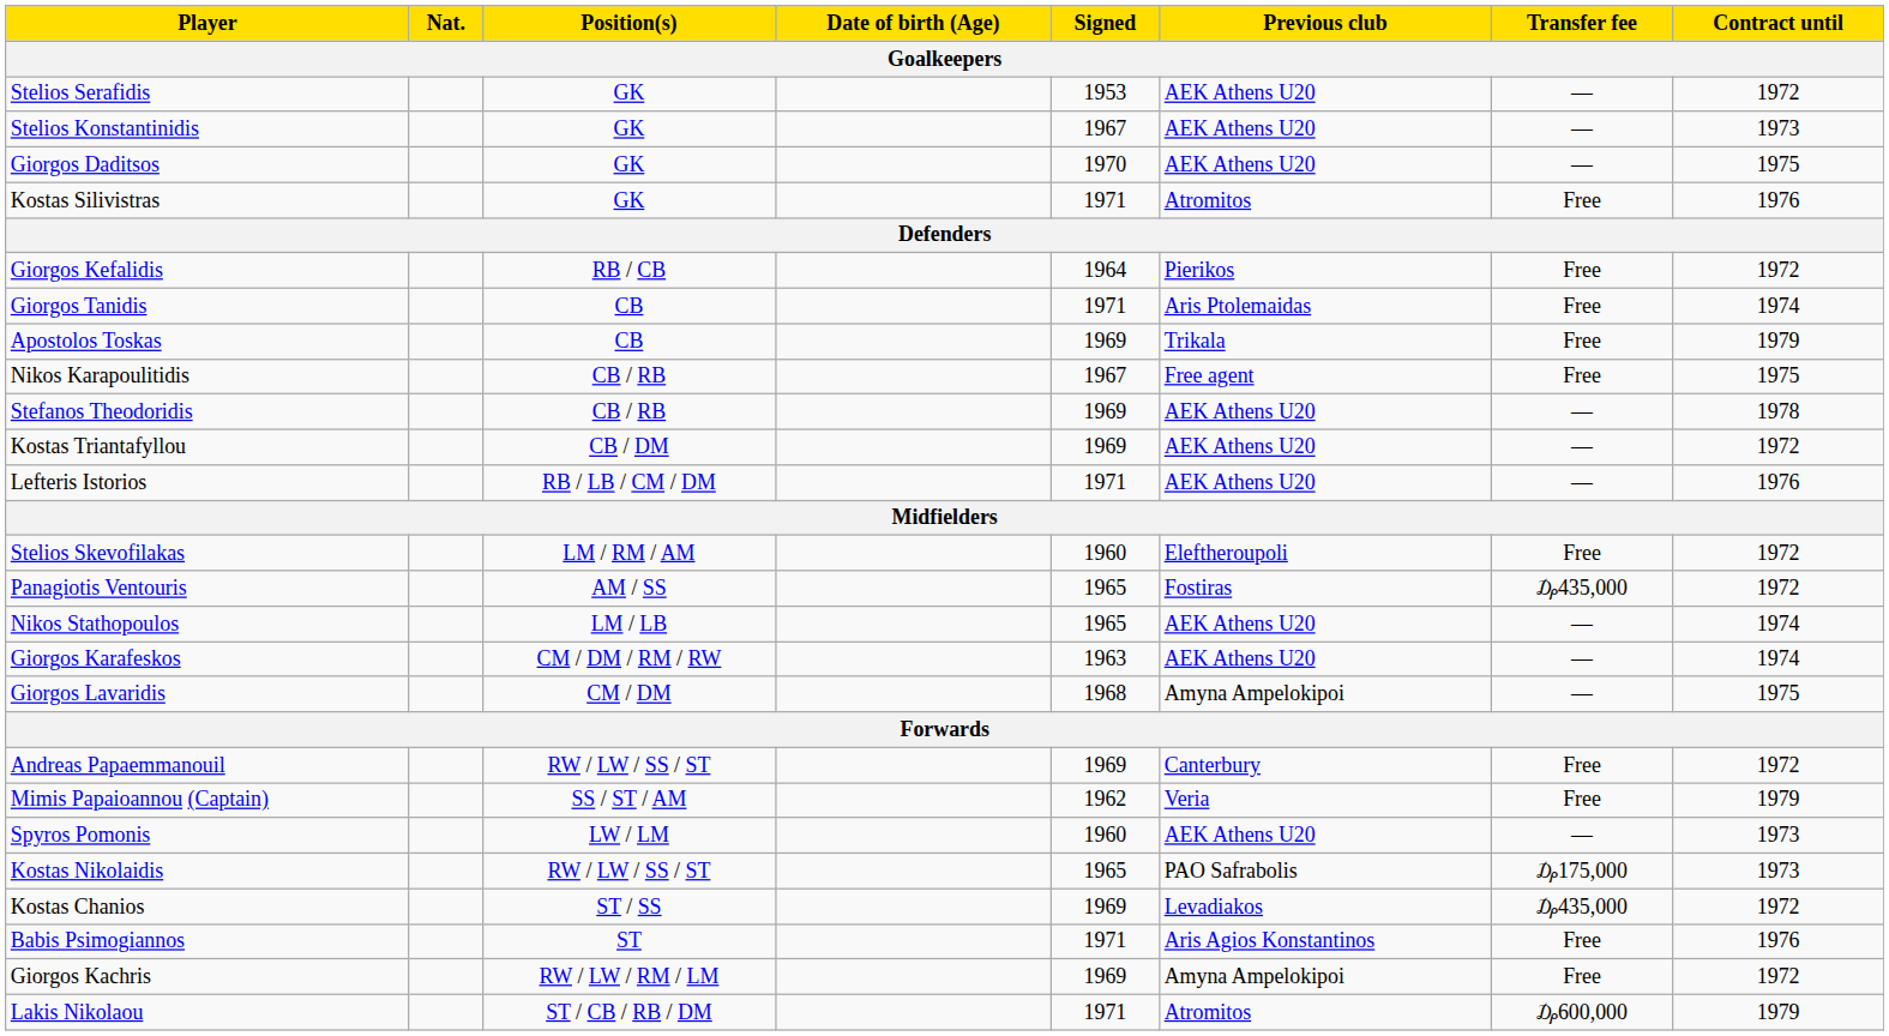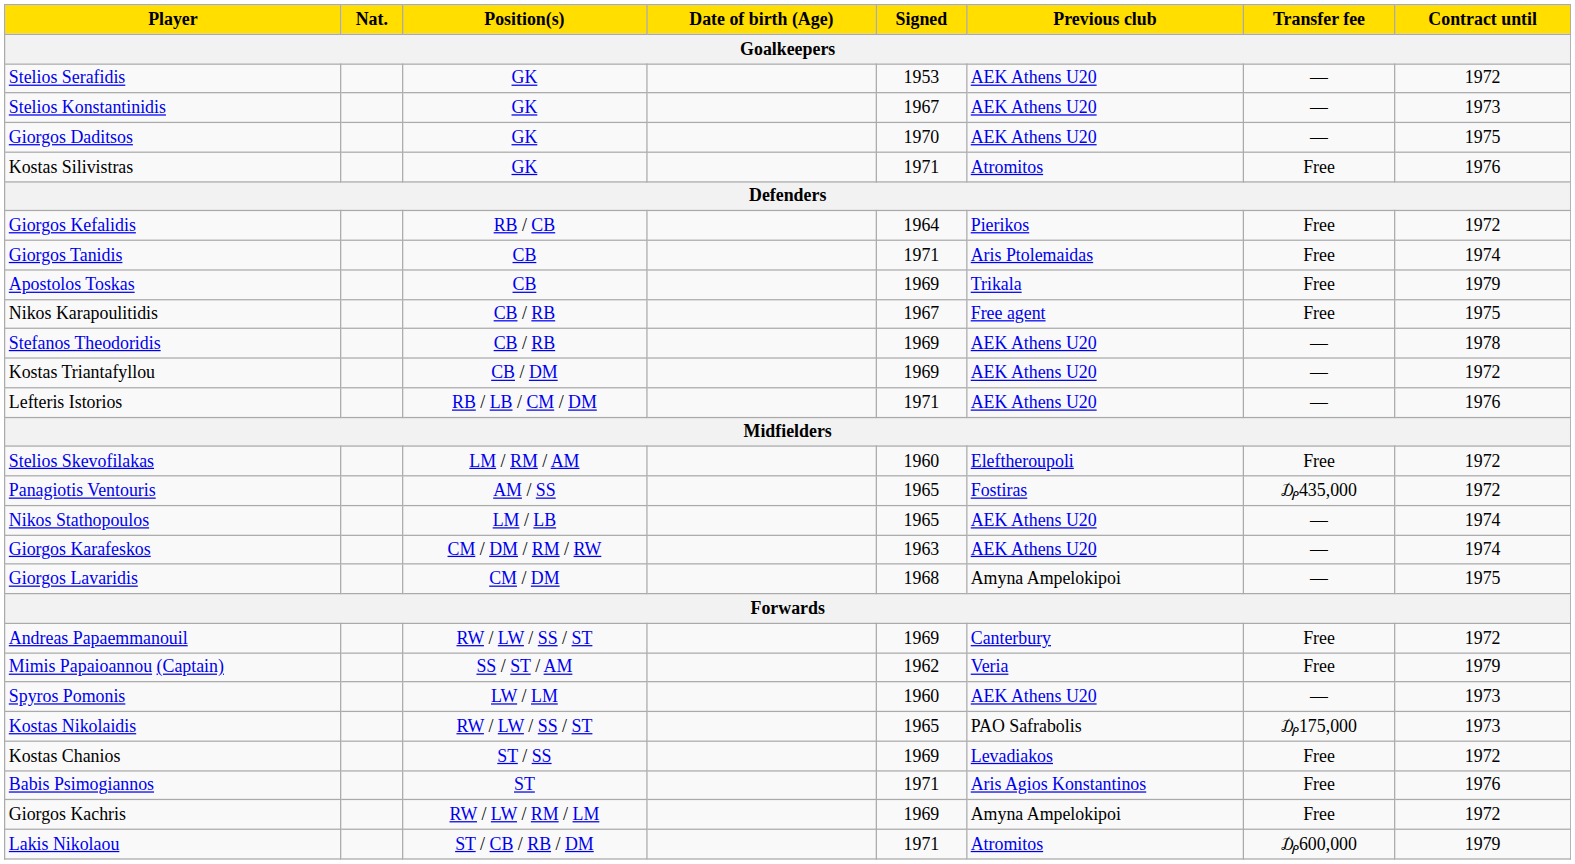 <table class="wikitable" style="text-align:center; font-size:90%;width:100%;">
 <tr>
 <th style="background:#FFDE00">Player</th>
 <th style="background:#FFDE00">Nat.</th>
 <th style="background:#FFDE00">Position(s)</th>
 <th style="background:#FFDE00">Date of birth (Age)</th>
 <th style="background:#FFDE00">Signed</th>
 <th style="background:#FFDE00">Previous club</th>
 <th style="background:#FFDE00">Transfer fee</th>
 <th style="background:#FFDE00">Contract until</th>
 </tr>
 <tr>
 <th colspan="8">Goalkeepers</th>
 </tr>
 <tr>
 <td align=left><a href='#'>Stelios Serafidis</a></td>
 <td></td>
 <td><a href='#'>GK</a></td>
 <td></td>
 <td>1953</td>
 <td align=left> <a href='#'>AEK Athens U20</a></td>
 <td>—</td>
 <td>1972</td>
 </tr>
 <tr>
 <td align=left><a href='#'>Stelios Konstantinidis</a></td>
 <td></td>
 <td><a href='#'>GK</a></td>
 <td></td>
 <td>1967</td>
 <td align=left> <a href='#'>AEK Athens U20</a></td>
 <td>—</td>
 <td>1973</td>
 </tr>
 <tr>
 <td align=left><a href='#'>Giorgos Daditsos</a></td>
 <td></td>
 <td><a href='#'>GK</a></td>
 <td></td>
 <td>1970</td>
 <td align=left> <a href='#'>AEK Athens U20</a></td>
 <td>—</td>
 <td>1975</td>
 </tr>
 <tr>
 <td align=left>Kostas Silivistras</td>
 <td></td>
 <td><a href='#'>GK</a></td>
 <td></td>
 <td>1971</td>
 <td align=left> <a href='#'>Atromitos</a></td>
 <td>Free</td>
 <td>1976</td>
 </tr>
 <tr>
 <th colspan="8">Defenders</th>
 </tr>
 <tr>
 <td align=left><a href='#'>Giorgos Kefalidis</a></td>
 <td></td>
 <td><a href='#'>RB</a> / <a href='#'>CB</a></td>
 <td></td>
 <td>1964</td>
 <td align=left> <a href='#'>Pierikos</a></td>
 <td>Free</td>
 <td>1972</td>
 </tr>
 <tr>
 <td align=left><a href='#'>Giorgos Tanidis</a></td>
 <td></td>
 <td><a href='#'>CB</a></td>
 <td></td>
 <td>1971</td>
 <td align=left> <a href='#'>Aris Ptolemaidas</a></td>
 <td>Free</td>
 <td>1974</td>
 </tr>
 <tr>
 <td align=left><a href='#'>Apostolos Toskas</a></td>
 <td></td>
 <td><a href='#'>CB</a></td>
 <td></td>
 <td>1969</td>
 <td align=left> <a href='#'>Trikala</a></td>
 <td>Free</td>
 <td>1979</td>
 </tr>
 <tr>
 <td align=left>Nikos Karapoulitidis</td>
 <td></td>
 <td><a href='#'>CB</a> / <a href='#'>RB</a></td>
 <td></td>
 <td>1967</td>
 <td align=left><a href='#'>Free agent</a></td>
 <td>Free</td>
 <td>1975</td>
 </tr>
 <tr>
 <td align=left><a href='#'>Stefanos Theodoridis</a></td>
 <td></td>
 <td><a href='#'>CB</a> / <a href='#'>RB</a></td>
 <td></td>
 <td>1969</td>
 <td align=left> <a href='#'>AEK Athens U20</a></td>
 <td>—</td>
 <td>1978</td>
 </tr>
 <tr>
 <td align=left>Kostas Triantafyllou</td>
 <td></td>
 <td><a href='#'>CB</a> / <a href='#'>DM</a></td>
 <td></td>
 <td>1969</td>
 <td align=left> <a href='#'>AEK Athens U20</a></td>
 <td>—</td>
 <td>1972</td>
 </tr>
 <tr>
 <td align=left>Lefteris Istorios</td>
 <td></td>
 <td><a href='#'>RB</a> / <a href='#'>LB</a> / <a href='#'>CM</a> / <a href='#'>DM</a></td>
 <td></td>
 <td>1971</td>
 <td align=left> <a href='#'>AEK Athens U20</a></td>
 <td>—</td>
 <td>1976</td>
 </tr>
 <tr>
 <th colspan="8">Midfielders</th>
 </tr>
 <tr>
 <td align=left><a href='#'>Stelios Skevofilakas</a></td>
 <td></td>
 <td><a href='#'>LM</a> / <a href='#'>RM</a> / <a href='#'>AM</a></td>
 <td></td>
 <td>1960</td>
 <td align=left> <a href='#'>Eleftheroupoli</a></td>
 <td>Free</td>
 <td>1972</td>
 </tr>
 <tr>
 <td align=left><a href='#'>Panagiotis Ventouris</a></td>
 <td></td>
 <td><a href='#'>AM</a> / <a href='#'>SS</a></td>
 <td></td>
 <td>1965</td>
 <td align=left> <a href='#'>Fostiras</a></td>
 <td>₯435,000</td>
 <td>1972</td>
 </tr>
 <tr>
 <td align=left><a href='#'>Nikos Stathopoulos</a></td>
 <td></td>
 <td><a href='#'>LM</a> / <a href='#'>LB</a></td>
 <td></td>
 <td>1965</td>
 <td align=left> <a href='#'>AEK Athens U20</a></td>
 <td>—</td>
 <td>1974</td>
 </tr>
 <tr>
 <td align=left><a href='#'>Giorgos Karafeskos</a></td>
 <td></td>
 <td><a href='#'>CM</a> / <a href='#'>DM</a> / <a href='#'>RM</a> / <a href='#'>RW</a></td>
 <td></td>
 <td>1963</td>
 <td align=left> <a href='#'>AEK Athens U20</a></td>
 <td>—</td>
 <td>1974</td>
 </tr>
 <tr>
 <td align=left><a href='#'>Giorgos Lavaridis</a></td>
 <td></td>
 <td><a href='#'>CM</a> / <a href='#'>DM</a></td>
 <td></td>
 <td>1968</td>
 <td align=left> Amyna Ampelokipoi</td>
 <td>—</td>
 <td>1975</td>
 </tr>
 <tr>
 <th colspan="8">Forwards</th>
 </tr>
 <tr>
 <td align=left><a href='#'>Andreas Papaemmanouil</a></td>
 <td></td>
 <td><a href='#'>RW</a> / <a href='#'>LW</a> / <a href='#'>SS</a> / <a href='#'>ST</a></td>
 <td></td>
 <td>1969</td>
 <td align=left> <a href='#'>Canterbury</a></td>
 <td>Free</td>
 <td>1972</td>
 </tr>
 <tr>
 <td align=left><a href='#'>Mimis Papaioannou</a> <a href='#'>(Captain)</a></td>
 <td></td>
 <td><a href='#'>SS</a> / <a href='#'>ST</a> / <a href='#'>AM</a></td>
 <td></td>
 <td>1962</td>
 <td align=left> <a href='#'>Veria</a></td>
 <td>Free</td>
 <td>1979</td>
 </tr>
 <tr>
 <td align=left><a href='#'>Spyros Pomonis</a></td>
 <td></td>
 <td><a href='#'>LW</a> / <a href='#'>LM</a></td>
 <td></td>
 <td>1960</td>
 <td align=left> <a href='#'>AEK Athens U20</a></td>
 <td>—</td>
 <td>1973</td>
 </tr>
 <tr>
 <td align=left><a href='#'>Kostas Nikolaidis</a></td>
 <td></td>
 <td><a href='#'>RW</a> / <a href='#'>LW</a> / <a href='#'>SS</a> / <a href='#'>ST</a></td>
 <td></td>
 <td>1965</td>
 <td align=left> PAO Safrabolis</td>
 <td>₯175,000</td>
 <td>1973</td>
 </tr>
 <tr>
 <td align=left>Kostas Chanios</td>
 <td></td>
 <td><a href='#'>ST</a> / <a href='#'>SS</a></td>
 <td></td>
 <td>1969</td>
 <td align=left> <a href='#'>Levadiakos</a></td>
-<td>₯435,000</td>
+<td>Free</td>
 <td>1972</td>
 </tr>
 <tr>
 <td align=left><a href='#'>Babis Psimogiannos</a></td>
 <td></td>
 <td><a href='#'>ST</a></td>
 <td></td>
 <td>1971</td>
 <td align=left> <a href='#'>Aris Agios Konstantinos</a></td>
 <td>Free</td>
 <td>1976</td>
 </tr>
 <tr>
 <td align=left>Giorgos Kachris</td>
 <td></td>
 <td><a href='#'>RW</a> / <a href='#'>LW</a> / <a href='#'>RM</a> / <a href='#'>LM</a></td>
 <td></td>
 <td>1969</td>
 <td align=left> Amyna Ampelokipoi</td>
 <td>Free</td>
 <td>1972</td>
 </tr>
 <tr>
 <td align=left><a href='#'>Lakis Nikolaou</a></td>
 <td></td>
 <td><a href='#'>ST</a> / <a href='#'>CB</a> / <a href='#'>RB</a> / <a href='#'>DM</a></td>
 <td></td>
 <td>1971</td>
 <td align=left> <a href='#'>Atromitos</a></td>
 <td>₯600,000</td>
 <td>1979</td>
 </tr>
 </table>
